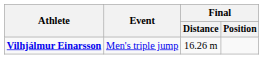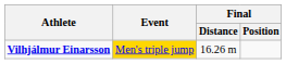 <table class="wikitable" style="font-size:90%">
 <tr>
 <th rowspan="2">Athlete</th>
 <th rowspan="2">Event</th>
 <th colspan="2">Final</th>
 </tr>
 <tr style="font-size:95%">
 <th>Distance</th>
 <th>Position</th>
 </tr>
 <tr align=center>
 <td align=left><strong><a href='#'>Vilhjálmur Einarsson</a></strong></td>
-<td align=left><a href='#'>Men's triple jump</a></td>
+<td align=left style="background: gold;"><a href='#'>Men's triple jump</a></td>
 <td>16.26 m</td>
 <td></td>
 </tr>
 </table>
